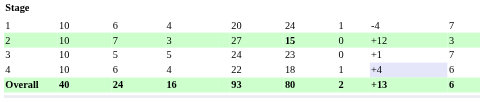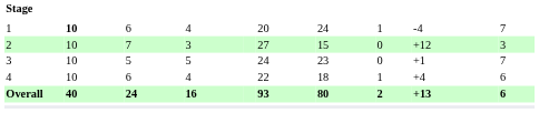 <table class="toccolours" border=0 cellpadding="2" cellspacing="0" style="font-size:95%; text-align:left; width:700px;">
 <tr align="left" style="background:#">
 <th style="width:75px">Stage</th>
 <th></th>
 <th></th>
 <th></th>
 <th></th>
 <th></th>
 <th></th>
 <th></th>
 <th></th>
 <th></th>
 </tr>
 <tr>
 <td colspan = "10"></td>
 </tr>
 <tr>
 <td>1</td>
-<td>10</td>
+<td><strong>10</strong></td>
 <td>6</td>
 <td>4</td>
 <td></td>
 <td>20</td>
 <td>24</td>
 <td>1</td>
 <td>-4</td>
 <td>7</td>
 </tr>
 <tr style="background:#cfc">
 <td>2</td>
 <td>10</td>
 <td>7</td>
 <td>3</td>
 <td></td>
 <td>27</td>
-<td><strong>15</strong></td>
+<td>15</td>
 <td>0</td>
 <td>+12</td>
 <td>3</td>
 </tr>
 <tr>
 <td>3</td>
 <td>10</td>
 <td>5</td>
 <td>5</td>
 <td></td>
 <td>24</td>
 <td>23</td>
 <td>0</td>
 <td>+1</td>
 <td>7</td>
 </tr>
 <tr>
 <td>4</td>
 <td>10</td>
 <td>6</td>
 <td>4</td>
 <td></td>
 <td>22</td>
 <td>18</td>
 <td>1</td>
-<td style="background: lavender;">+4</td>
+<td>+4</td>
 <td>6</td>
 </tr>
 <tr style="background-color:#cfc">
 <th>Overall</th>
 <th>40</th>
 <th>24</th>
 <th>16</th>
 <th></th>
 <th>93</th>
 <th>80</th>
 <th>2</th>
 <th>+13</th>
 <th>6</th>
 </tr>
 <tr>
 <td colspan="10"></td>
 </tr>
 <tr style="background:#EAECF0;">
 <td colspan="10" style="text-align:center;"></td>
 </tr>
 </table>
